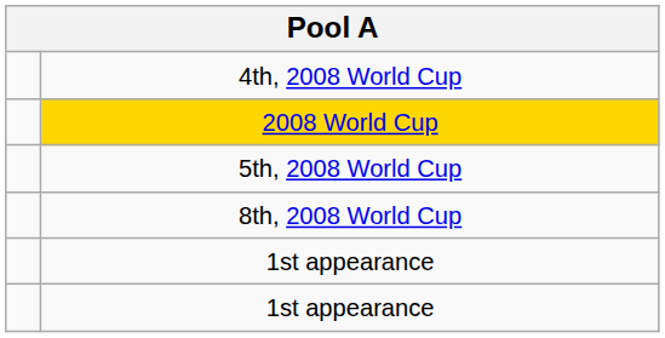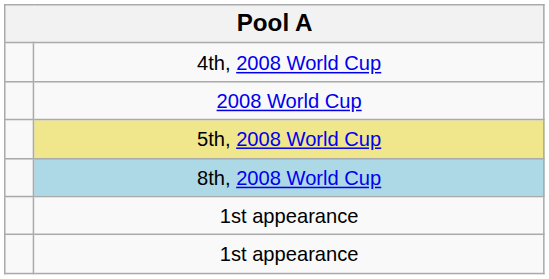 <table class="wikitable">
 <tr>
 <th colspan=2 width=350>Pool A</th>
 </tr>
 <tr align=center>
 <td></td>
 <td><small>4th, <a href='#'>2008 World Cup</a></small></td>
 </tr>
 <tr align=center>
 <td></td>
-<td style="background: gold;"><small> <a href='#'>2008 World Cup</a></small></td>
+<td><small> <a href='#'>2008 World Cup</a></small></td>
 </tr>
 <tr align=center>
 <td></td>
-<td><small>5th, <a href='#'>2008 World Cup</a></small></td>
+<td style="background: khaki;"><small>5th, <a href='#'>2008 World Cup</a></small></td>
 </tr>
 <tr align=center>
 <td></td>
-<td><small>8th, <a href='#'>2008 World Cup</a></small></td>
+<td style="background: lightblue;"><small>8th, <a href='#'>2008 World Cup</a></small></td>
 </tr>
 <tr align=center>
 <td></td>
 <td><small>1st appearance</small></td>
 </tr>
 <tr align=center>
 <td></td>
 <td><small>1st appearance</small></td>
 </tr>
 </table>
